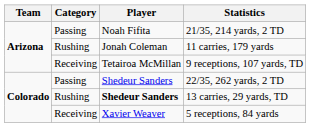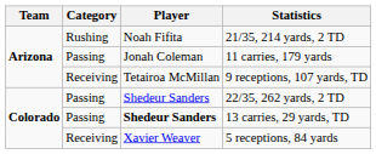 <table class="wikitable" style="float: right;">
 <tr>
 <th>Team</th>
 <th>Category</th>
 <th>Player</th>
 <th>Statistics</th>
 </tr>
 <tr>
 <td rowspan=3><strong>Arizona</strong></td>
-<td>Passing</td>
+<td>Rushing</td>
 <td>Noah Fifita</td>
 <td>21/35, 214 yards, 2 TD</td>
 </tr>
 <tr>
-<td>Rushing</td>
+<td>Passing</td>
 <td>Jonah Coleman</td>
 <td>11 carries, 179 yards</td>
 </tr>
 <tr>
 <td>Receiving</td>
 <td>Tetairoa McMillan</td>
 <td>9 receptions, 107 yards, TD</td>
 </tr>
 <tr>
 <td rowspan=3><strong>Colorado</strong></td>
 <td>Passing</td>
 <td><a href='#'>Shedeur Sanders</a></td>
 <td>22/35, 262 yards, 2 TD</td>
 </tr>
 <tr>
-<td>Rushing</td>
+<td>Passing</td>
 <td><strong>Shedeur Sanders</strong></td>
 <td>13 carries, 29 yards, TD</td>
 </tr>
 <tr>
 <td>Receiving</td>
 <td><a href='#'>Xavier Weaver</a></td>
 <td>5 receptions, 84 yards</td>
 </tr>
 </table>
